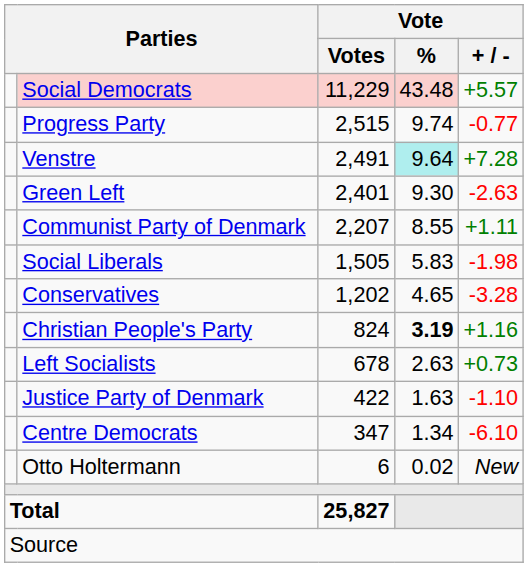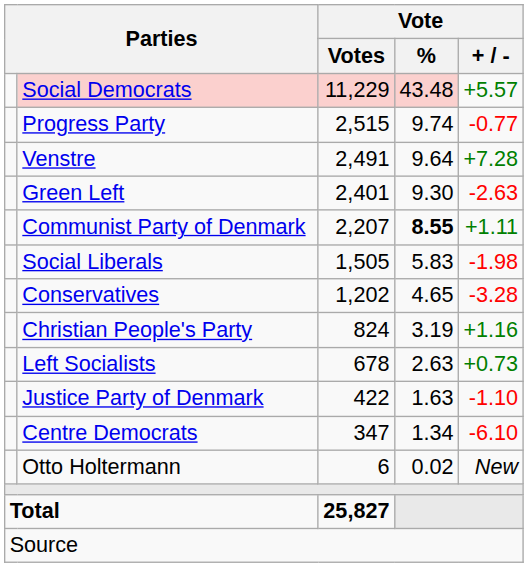 <table class="wikitable" style="text-align:right;">
 <tr>
 <th style="text-align:centre;" rowspan="2" colspan="2" width="225">Parties</th>
 <th colspan="3">Vote</th>
 </tr>
 <tr>
 <th width="15">Votes</th>
 <th width="15">%</th>
 <th width="15">+ / -</th>
 </tr>
 <tr>
 <td width="2" style="color:inherit;background:"></td>
 <td bgcolor=#fbd0ce  align="left"><a href='#'>Social Democrats</a></td>
 <td bgcolor=#fbd0ce>11,229</td>
 <td bgcolor=#fbd0ce>43.48</td>
 <td style=color:green;>+5.57</td>
 </tr>
 <tr>
 <td width="2" style="color:inherit;background:"></td>
 <td align="left"><a href='#'>Progress Party</a></td>
 <td>2,515</td>
 <td>9.74</td>
 <td style=color:red;>-0.77</td>
 </tr>
 <tr>
 <td width="2" style="color:inherit;background:"></td>
 <td align="left"><a href='#'>Venstre</a></td>
 <td>2,491</td>
-<td style="background: paleturquoise;">9.64</td>
+<td>9.64</td>
 <td style=color:green;>+7.28</td>
 </tr>
 <tr>
 <td width="2" style="color:inherit;background:"></td>
 <td align="left"><a href='#'>Green Left</a></td>
 <td>2,401</td>
 <td>9.30</td>
 <td style=color:red;>-2.63</td>
 </tr>
 <tr>
 <td width="2" style="color:inherit;background:"></td>
 <td align="left"><a href='#'>Communist Party of Denmark</a></td>
 <td>2,207</td>
-<td>8.55</td>
+<td><strong>8.55</strong></td>
 <td style=color:green;>+1.11</td>
 </tr>
 <tr>
 <td width="2" style="color:inherit;background:"></td>
 <td align="left"><a href='#'>Social Liberals</a></td>
 <td>1,505</td>
 <td>5.83</td>
 <td style=color:red;>-1.98</td>
 </tr>
 <tr>
 <td width="2" style="color:inherit;background:"></td>
 <td align="left"><a href='#'>Conservatives</a></td>
 <td>1,202</td>
 <td>4.65</td>
 <td style=color:red;>-3.28</td>
 </tr>
 <tr>
 <td width="2" style="color:inherit;background:"></td>
 <td align="left"><a href='#'>Christian People's Party</a></td>
 <td>824</td>
-<td><strong>3.19</strong></td>
+<td>3.19</td>
 <td style=color:green;>+1.16</td>
 </tr>
 <tr>
 <td width="2" style="color:inherit;background:"></td>
 <td align="left"><a href='#'>Left Socialists</a></td>
 <td>678</td>
 <td>2.63</td>
 <td style=color:green;>+0.73</td>
 </tr>
 <tr>
 <td width="2" style="color:inherit;background:"></td>
 <td align="left"><a href='#'>Justice Party of Denmark</a></td>
 <td>422</td>
 <td>1.63</td>
 <td style=color:red;>-1.10</td>
 </tr>
 <tr>
 <td width="2" style="color:inherit;background:"></td>
 <td align="left"><a href='#'>Centre Democrats</a></td>
 <td>347</td>
 <td>1.34</td>
 <td style=color:red;>-6.10</td>
 </tr>
 <tr>
 <td width="2" style="color:inherit;background:"></td>
 <td align="left">Otto Holtermann</td>
 <td>6</td>
 <td>0.02</td>
 <td><em>New</em></td>
 </tr>
 <tr>
 <td colspan="7" bgcolor="#E9E9E9"></td>
 </tr>
 <tr>
 <td align="left" colspan="2"><strong>Total</strong></td>
 <td><strong>25,827</strong></td>
 <td bgcolor="#E9E9E9" colspan="2"></td>
 </tr>
 <tr>
 <td align="left" colspan="6">Source</td>
 </tr>
 </table>
